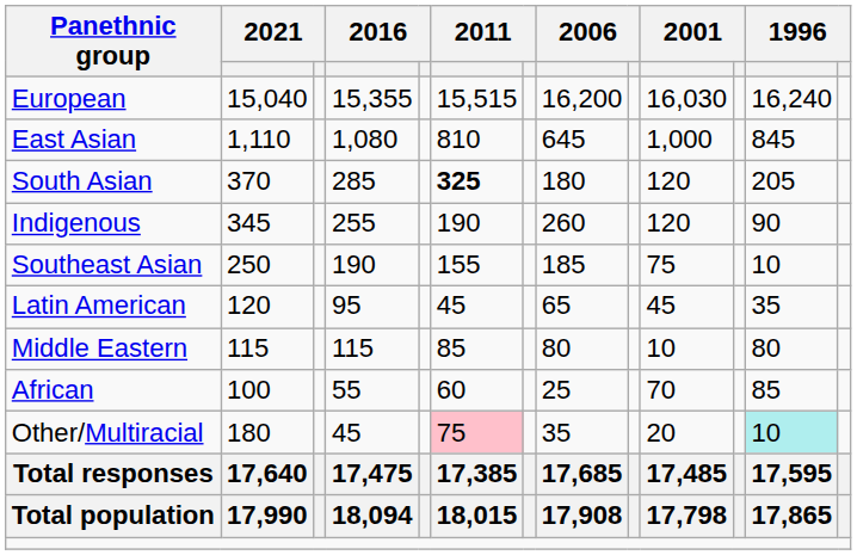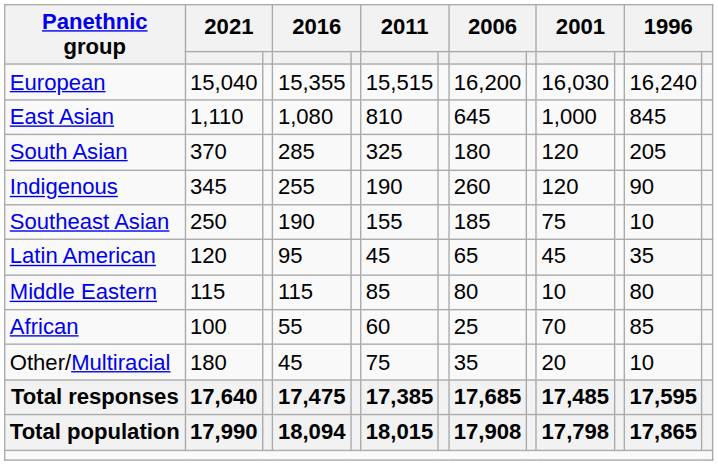 <table class="wikitable collapsible sortable">
 <tr>
 <th rowspan="2"><a href='#'>Panethnic</a><br>group</th>
 <th colspan="2">2021</th>
 <th colspan="2">2016</th>
 <th colspan="2">2011</th>
 <th colspan="2">2006</th>
 <th colspan="2">2001</th>
 <th colspan="2">1996</th>
 </tr>
 <tr>
 <th><a href='#'></a></th>
 <th></th>
 <th></th>
 <th></th>
 <th></th>
 <th></th>
 <th></th>
 <th></th>
 <th></th>
 <th></th>
 <th></th>
 <th></th>
 </tr>
 <tr>
 <td><a href='#'>European</a></td>
 <td>15,040</td>
 <td></td>
 <td>15,355</td>
 <td></td>
 <td>15,515</td>
 <td></td>
 <td>16,200</td>
 <td></td>
 <td>16,030</td>
 <td></td>
 <td>16,240</td>
 <td></td>
 </tr>
 <tr>
 <td><a href='#'>East Asian</a></td>
 <td>1,110</td>
 <td></td>
 <td>1,080</td>
 <td></td>
 <td>810</td>
 <td></td>
 <td>645</td>
 <td></td>
 <td>1,000</td>
 <td></td>
 <td>845</td>
 <td></td>
 </tr>
 <tr>
 <td><a href='#'>South Asian</a></td>
 <td>370</td>
 <td></td>
 <td>285</td>
 <td></td>
-<td><strong>325</strong></td>
+<td>325</td>
 <td></td>
 <td>180</td>
 <td></td>
 <td>120</td>
 <td></td>
 <td>205</td>
 <td></td>
 </tr>
 <tr>
 <td><a href='#'>Indigenous</a></td>
 <td>345</td>
 <td></td>
 <td>255</td>
 <td></td>
 <td>190</td>
 <td></td>
 <td>260</td>
 <td></td>
 <td>120</td>
 <td></td>
 <td>90</td>
 <td></td>
 </tr>
 <tr>
 <td><a href='#'>Southeast Asian</a></td>
 <td>250</td>
 <td></td>
 <td>190</td>
 <td></td>
 <td>155</td>
 <td></td>
 <td>185</td>
 <td></td>
 <td>75</td>
 <td></td>
 <td>10</td>
 <td></td>
 </tr>
 <tr>
 <td><a href='#'>Latin American</a></td>
 <td>120</td>
 <td></td>
 <td>95</td>
 <td></td>
 <td>45</td>
 <td></td>
 <td>65</td>
 <td></td>
 <td>45</td>
 <td></td>
 <td>35</td>
 <td></td>
 </tr>
 <tr>
 <td><a href='#'>Middle Eastern</a></td>
 <td>115</td>
 <td></td>
 <td>115</td>
 <td></td>
 <td>85</td>
 <td></td>
 <td>80</td>
 <td></td>
 <td>10</td>
 <td></td>
 <td>80</td>
 <td></td>
 </tr>
 <tr>
 <td><a href='#'>African</a></td>
 <td>100</td>
 <td></td>
 <td>55</td>
 <td></td>
 <td>60</td>
 <td></td>
 <td>25</td>
 <td></td>
 <td>70</td>
 <td></td>
 <td>85</td>
 <td></td>
 </tr>
 <tr>
 <td>Other/<a href='#'>Multiracial</a></td>
 <td>180</td>
 <td></td>
 <td>45</td>
 <td></td>
-<td style="background: pink;">75</td>
+<td>75</td>
 <td></td>
 <td>35</td>
 <td></td>
 <td>20</td>
 <td></td>
-<td style="background: paleturquoise;">10</td>
+<td>10</td>
 <td></td>
 </tr>
 <tr>
 <th>Total responses</th>
 <th>17,640</th>
 <th></th>
 <th>17,475</th>
 <th></th>
 <th>17,385</th>
 <th></th>
 <th>17,685</th>
 <th></th>
 <th>17,485</th>
 <th></th>
 <th>17,595</th>
 <th></th>
 </tr>
 <tr>
 <th>Total population</th>
 <th>17,990</th>
 <th></th>
 <th>18,094</th>
 <th></th>
 <th>18,015</th>
 <th></th>
 <th>17,908</th>
 <th></th>
 <th>17,798</th>
 <th></th>
 <th>17,865</th>
 <th></th>
 </tr>
 <tr class="sortbottom">
 <td colspan="15"></td>
 </tr>
 </table>
